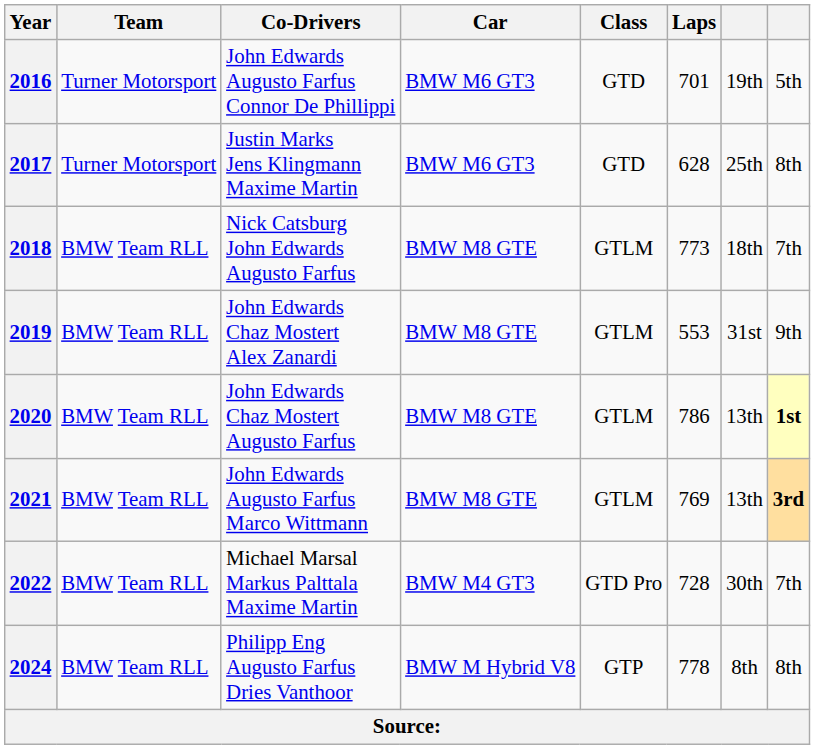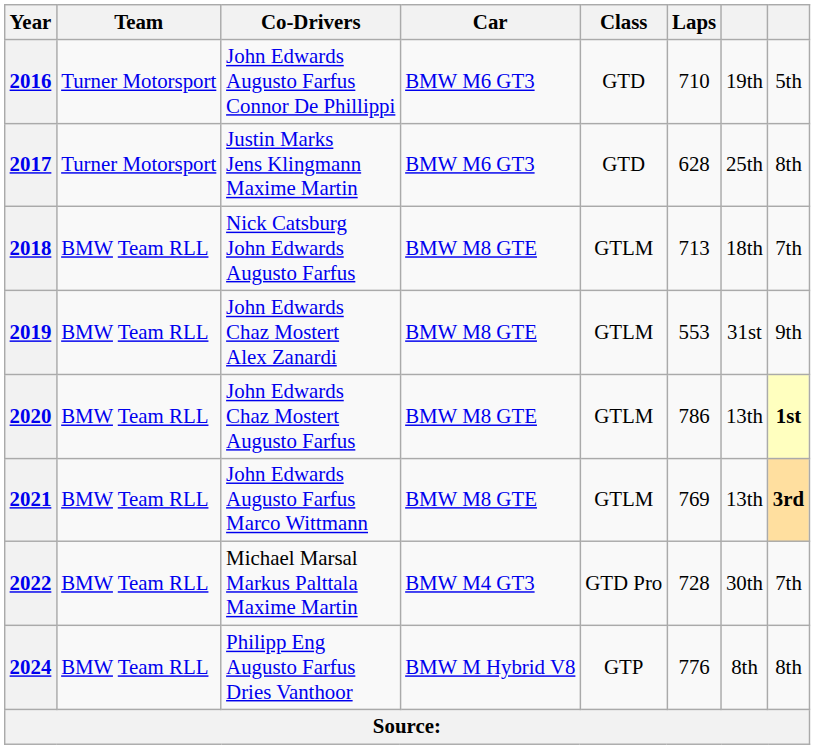 <table class="wikitable" style="text-align:center; font-size:90%">
 <tr>
 <th>Year</th>
 <th>Team</th>
 <th>Co-Drivers</th>
 <th>Car</th>
 <th>Class</th>
 <th>Laps</th>
 <th></th>
 <th></th>
 </tr>
 <tr>
 <th><a href='#'>2016</a></th>
 <td align="left"> <a href='#'>Turner Motorsport</a></td>
 <td align="left"> <a href='#'>John Edwards</a><br> <a href='#'>Augusto Farfus</a><br> <a href='#'>Connor De Phillippi</a></td>
 <td align="left"><a href='#'>BMW M6 GT3</a></td>
 <td>GTD</td>
-<td>701</td>
+<td>710</td>
 <td>19th</td>
 <td>5th</td>
 </tr>
 <tr>
 <th><a href='#'>2017</a></th>
 <td align="left"> <a href='#'>Turner Motorsport</a></td>
 <td align="left"> <a href='#'>Justin Marks</a><br> <a href='#'>Jens Klingmann</a><br> <a href='#'>Maxime Martin</a></td>
 <td align="left"><a href='#'>BMW M6 GT3</a></td>
 <td>GTD</td>
 <td>628</td>
 <td>25th</td>
 <td>8th</td>
 </tr>
 <tr>
 <th><a href='#'>2018</a></th>
 <td align="left"> <a href='#'>BMW</a> <a href='#'>Team RLL</a></td>
 <td align="left"> <a href='#'>Nick Catsburg</a><br> <a href='#'>John Edwards</a><br> <a href='#'>Augusto Farfus</a></td>
 <td align="left"><a href='#'>BMW M8 GTE</a></td>
 <td>GTLM</td>
-<td>773</td>
+<td>713</td>
 <td>18th</td>
 <td>7th</td>
 </tr>
 <tr>
 <th><a href='#'>2019</a></th>
 <td align="left"> <a href='#'>BMW</a> <a href='#'>Team RLL</a></td>
 <td align="left"> <a href='#'>John Edwards</a><br> <a href='#'>Chaz Mostert</a><br> <a href='#'>Alex Zanardi</a></td>
 <td align="left"><a href='#'>BMW M8 GTE</a></td>
 <td>GTLM</td>
 <td>553</td>
 <td>31st</td>
 <td>9th</td>
 </tr>
 <tr>
 <th><a href='#'>2020</a></th>
 <td align="left"> <a href='#'>BMW</a> <a href='#'>Team RLL</a></td>
 <td align="left"> <a href='#'>John Edwards</a><br> <a href='#'>Chaz Mostert</a><br> <a href='#'>Augusto Farfus</a></td>
 <td align="left"><a href='#'>BMW M8 GTE</a></td>
 <td>GTLM</td>
 <td>786</td>
 <td>13th</td>
 <th style="background:#FFFFBF;">1st</th>
 </tr>
 <tr>
 <th><a href='#'>2021</a></th>
 <td align="left"> <a href='#'>BMW</a> <a href='#'>Team RLL</a></td>
 <td align="left"> <a href='#'>John Edwards</a><br> <a href='#'>Augusto Farfus</a><br> <a href='#'>Marco Wittmann</a></td>
 <td align="left"><a href='#'>BMW M8 GTE</a></td>
 <td>GTLM</td>
 <td>769</td>
 <td>13th</td>
 <th style="background:#FFDF9F;”">3rd</th>
 </tr>
 <tr>
 <th><a href='#'>2022</a></th>
 <td align="left"> <a href='#'>BMW</a> <a href='#'>Team RLL</a></td>
 <td align="left"> Michael Marsal<br> <a href='#'>Markus Palttala</a><br> <a href='#'>Maxime Martin</a></td>
 <td align="left"><a href='#'>BMW M4 GT3</a></td>
 <td>GTD Pro</td>
 <td>728</td>
 <td>30th</td>
 <td>7th</td>
 </tr>
 <tr>
 <th><a href='#'>2024</a></th>
 <td align="left"> <a href='#'>BMW</a> <a href='#'>Team RLL</a></td>
 <td align="left"> <a href='#'>Philipp Eng</a><br> <a href='#'>Augusto Farfus</a><br> <a href='#'>Dries Vanthoor</a></td>
 <td align="left"><a href='#'>BMW M Hybrid V8</a></td>
 <td>GTP</td>
-<td>778</td>
+<td>776</td>
 <td>8th</td>
 <td>8th</td>
 </tr>
 <tr>
 <th colspan="8">Source:</th>
 </tr>
 </table>
